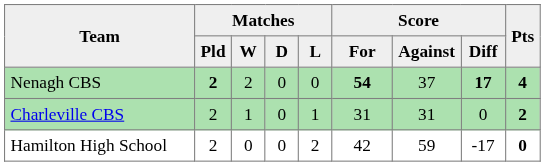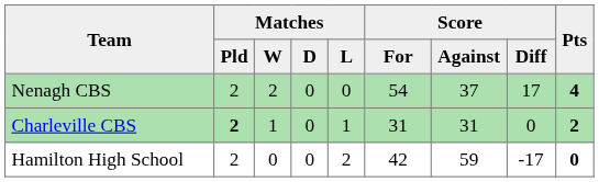 <table style=border-collapse:collapse border=1 cellspacing=0 cellpadding=5>
 <tr align=center bgcolor=#efefef>
 <th rowspan=2 width=165>Team</th>
 <th colspan=4>Matches</th>
 <th colspan=3>Score</th>
 <th rowspan=2width=20>Pts</th>
 </tr>
 <tr align=center bgcolor=#efefef>
 <th width=20>Pld</th>
 <th width=20>W</th>
 <th width=20>D</th>
 <th width=20>L</th>
 <th width=45>For</th>
 <th width=45>Against</th>
 <th width=30>Diff</th>
 </tr>
 <tr align=center style="background:#ACE1AF;">
 <td style="text-align:left;">Nenagh CBS</td>
-<td><strong>2</strong></td>
+<td>2</td>
 <td>2</td>
 <td>0</td>
 <td>0</td>
-<td><strong>54</strong></td>
+<td>54</td>
 <td>37</td>
-<td><strong>17</strong></td>
+<td>17</td>
 <td><strong>4</strong></td>
 </tr>
 <tr align=center style="background:#ACE1AF;">
 <td style="text-align:left;"><a href='#'>Charleville CBS</a></td>
-<td>2</td>
+<td><strong>2</strong></td>
 <td>1</td>
 <td>0</td>
 <td>1</td>
 <td>31</td>
 <td>31</td>
 <td>0</td>
 <td><strong>2</strong></td>
 </tr>
 <tr align=center>
 <td style="text-align:left;">Hamilton High School</td>
 <td>2</td>
 <td>0</td>
 <td>0</td>
 <td>2</td>
 <td>42</td>
 <td>59</td>
 <td>-17</td>
 <td><strong>0</strong></td>
 </tr>
 </table>
